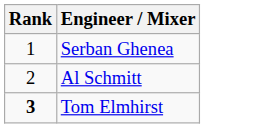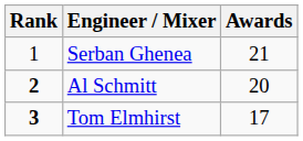 <table class="wikitable" style="text-align: center; cellpadding: 2;">
 <tr>
 <th>Rank</th>
 <th>Engineer / Mixer</th>
+<th>Awards</th>
 </tr>
 <tr>
 <td>1</td>
 <td style="text-align: left;"><a href='#'>Serban Ghenea</a></td>
+<td>21</td>
 </tr>
 <tr>
-<td>2</td>
+<td><strong>2</strong></td>
 <td style="text-align: left;"><a href='#'>Al Schmitt</a></td>
+<td>20</td>
 </tr>
 <tr>
 <td><strong>3</strong></td>
 <td style="text-align: left;"><a href='#'>Tom Elmhirst</a></td>
+<td>17</td>
 </tr>
 </table>
